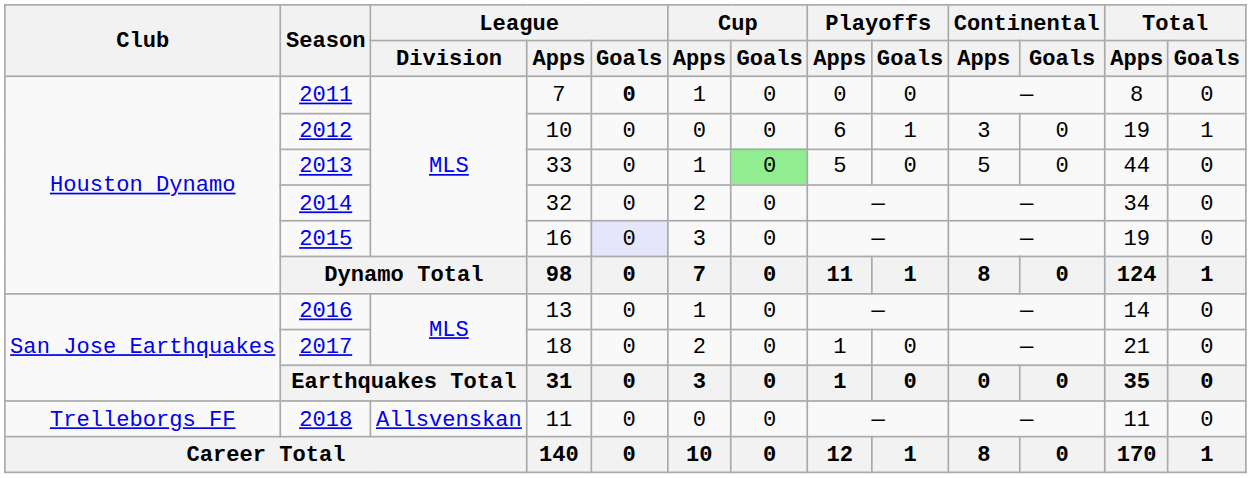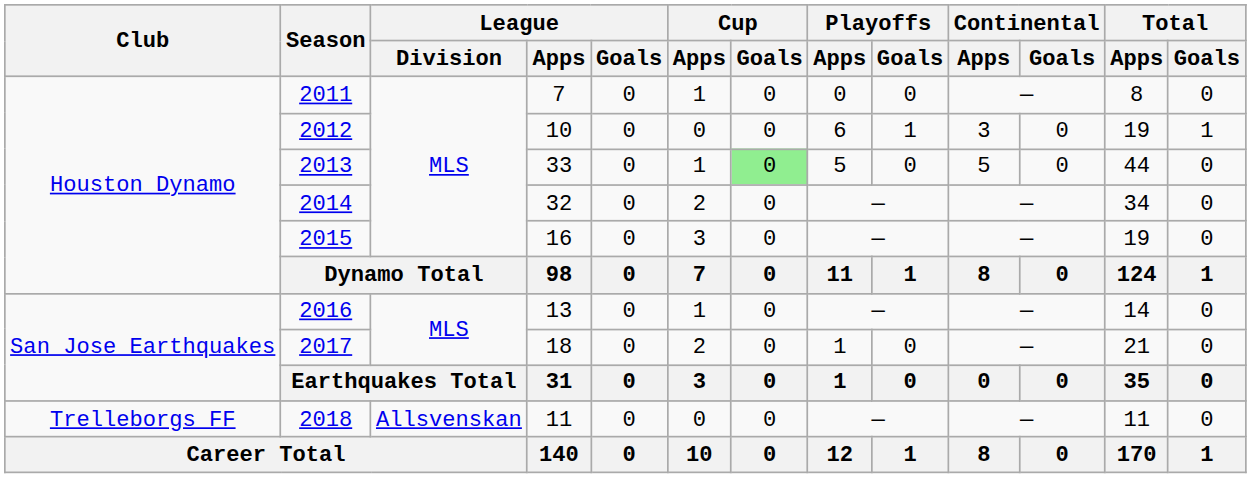 <table class="wikitable" style="text-align:center">
 <tr>
 <th rowspan="2">Club</th>
 <th rowspan="2">Season</th>
 <th colspan="3">League</th>
 <th colspan="2">Cup</th>
 <th colspan="2">Playoffs</th>
 <th colspan="2">Continental</th>
 <th colspan="2">Total</th>
 </tr>
 <tr>
 <th>Division</th>
 <th>Apps</th>
 <th>Goals</th>
 <th>Apps</th>
 <th>Goals</th>
 <th>Apps</th>
 <th>Goals</th>
 <th>Apps</th>
 <th>Goals</th>
 <th>Apps</th>
 <th>Goals</th>
 </tr>
 <tr>
 <td rowspan="6"><a href='#'>Houston Dynamo</a></td>
 <td><a href='#'>2011</a></td>
 <td rowspan="5"><a href='#'>MLS</a></td>
 <td>7</td>
-<td><strong>0</strong></td>
+<td>0</td>
 <td>1</td>
 <td>0</td>
 <td>0</td>
 <td>0</td>
 <td colspan="2">—</td>
 <td>8</td>
 <td>0</td>
 </tr>
 <tr>
 <td><a href='#'>2012</a></td>
 <td>10</td>
 <td>0</td>
 <td>0</td>
 <td>0</td>
 <td>6</td>
 <td>1</td>
 <td>3</td>
 <td>0</td>
 <td>19</td>
 <td>1</td>
 </tr>
 <tr>
 <td><a href='#'>2013</a></td>
 <td>33</td>
 <td>0</td>
 <td>1</td>
 <td style="background: lightgreen;">0</td>
 <td>5</td>
 <td>0</td>
 <td>5</td>
 <td>0</td>
 <td>44</td>
 <td>0</td>
 </tr>
 <tr>
 <td><a href='#'>2014</a></td>
 <td>32</td>
 <td>0</td>
 <td>2</td>
 <td>0</td>
 <td colspan="2">—</td>
 <td colspan="2">—</td>
 <td>34</td>
 <td>0</td>
 </tr>
 <tr>
 <td><a href='#'>2015</a></td>
 <td>16</td>
-<td style="background: lavender;">0</td>
+<td>0</td>
 <td>3</td>
 <td>0</td>
 <td colspan="2">—</td>
 <td colspan="2">—</td>
 <td>19</td>
 <td>0</td>
 </tr>
 <tr>
 <th colspan="2">Dynamo Total</th>
 <th>98</th>
 <th>0</th>
 <th>7</th>
 <th>0</th>
 <th>11</th>
 <th>1</th>
 <th>8</th>
 <th>0</th>
 <th>124</th>
 <th>1</th>
 </tr>
 <tr>
 <td rowspan="3"><a href='#'>San Jose Earthquakes</a></td>
 <td><a href='#'>2016</a></td>
 <td rowspan="2"><a href='#'>MLS</a></td>
 <td>13</td>
 <td>0</td>
 <td>1</td>
 <td>0</td>
 <td colspan="2">—</td>
 <td colspan="2">—</td>
 <td>14</td>
 <td>0</td>
 </tr>
 <tr>
 <td><a href='#'>2017</a></td>
 <td>18</td>
 <td>0</td>
 <td>2</td>
 <td>0</td>
 <td>1</td>
 <td>0</td>
 <td colspan="2">—</td>
 <td>21</td>
 <td>0</td>
 </tr>
 <tr>
 <th colspan="2">Earthquakes Total</th>
 <th>31</th>
 <th>0</th>
 <th>3</th>
 <th>0</th>
 <th>1</th>
 <th>0</th>
 <th>0</th>
 <th>0</th>
 <th>35</th>
 <th>0</th>
 </tr>
 <tr>
 <td><a href='#'>Trelleborgs FF</a></td>
 <td><a href='#'>2018</a></td>
 <td><a href='#'>Allsvenskan</a></td>
 <td>11</td>
 <td>0</td>
 <td>0</td>
 <td>0</td>
 <td colspan="2">—</td>
 <td colspan="2">—</td>
 <td>11</td>
 <td>0</td>
 </tr>
 <tr>
 <th colspan="3">Career Total</th>
 <th>140</th>
 <th>0</th>
 <th>10</th>
 <th>0</th>
 <th>12</th>
 <th>1</th>
 <th>8</th>
 <th>0</th>
 <th>170</th>
 <th>1</th>
 </tr>
 </table>
